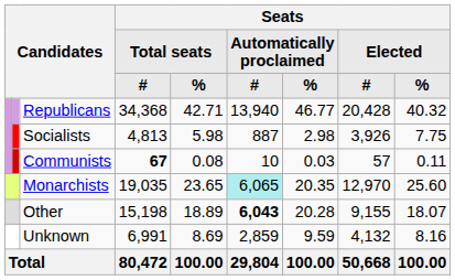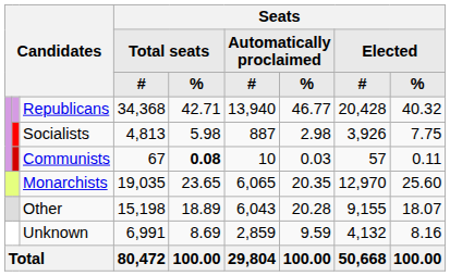 <table class="wikitable">
 <tr>
 <th colspan="3" rowspan="3">Candidates</th>
 <th colspan="6">Seats</th>
 </tr>
 <tr>
 <th colspan="2" style="background-color:#E9E9E9" align="center">Total seats</th>
 <th colspan="2" style="background-color:#E9E9E9" align="center">Automatically<br>proclaimed</th>
 <th colspan="2" style="background-color:#E9E9E9" align="center">Elected</th>
 </tr>
 <tr>
 <th style="background-color:#E9E9E9" align=right>#</th>
 <th style="background-color:#E9E9E9" align=right>%</th>
 <th style="background-color:#E9E9E9" align=right>#</th>
 <th style="background-color:#E9E9E9" align=right>%</th>
 <th style="background-color:#E9E9E9" align=right>#</th>
 <th style="background-color:#E9E9E9" align=right>%</th>
 </tr>
 <tr>
 <td rowspan="3" bgcolor="#d59be3"></td>
 <td style="color:inherit;background:#d59be3"></td>
 <td style="text-align: left;"><a href='#'>Republicans</a></td>
 <td style="text-align: right;">34,368</td>
 <td style="text-align: right;">42.71</td>
 <td style="text-align: right;">13,940</td>
 <td style="text-align: right;">46.77</td>
 <td style="text-align: right;">20,428</td>
 <td style="text-align: right;">40.32</td>
 </tr>
 <tr>
 <td style="color:inherit;background:#ff0000"></td>
 <td style="text-align: left;">Socialists</td>
 <td style="text-align: right;">4,813</td>
 <td style="text-align: right;">5.98</td>
 <td style="text-align: right;">887</td>
 <td style="text-align: right;">2.98</td>
 <td style="text-align: right;">3,926</td>
 <td style="text-align: right;">7.75</td>
 </tr>
 <tr>
 <td style="color:inherit;background:#d40000"></td>
 <td style="text-align: left;"><a href='#'>Communists</a></td>
-<td style="text-align: right;"><strong>67</strong></td>
-<td style="text-align: right;">0.08</td>
+<td style="text-align: right;">67</td>
+<td style="text-align: right;"><strong>0.08</strong></td>
 <td style="text-align: right;">10</td>
 <td style="text-align: right;">0.03</td>
 <td style="text-align: right;">57</td>
 <td style="text-align: right;">0.11</td>
 </tr>
 <tr>
 <td bgcolor="#e5ff7f" colspan=2></td>
 <td style="text-align: left;"><a href='#'>Monarchists</a></td>
 <td style="text-align: right;">19,035</td>
 <td style="text-align: right;">23.65</td>
-<td style="background: paleturquoise; text-align: right;">6,065</td>
+<td style="text-align: right;">6,065</td>
 <td style="text-align: right;">20.35</td>
 <td style="text-align: right;">12,970</td>
 <td style="text-align: right;">25.60</td>
 </tr>
 <tr>
 <td bgcolor="#DDDDDD" colspan=2></td>
 <td style="text-align: left;">Other</td>
 <td style="text-align: right;">15,198</td>
 <td style="text-align: right;">18.89</td>
-<td style="text-align: right;"><strong>6,043</strong></td>
+<td style="text-align: right;">6,043</td>
 <td style="text-align: right;">20.28</td>
 <td style="text-align: right;">9,155</td>
 <td style="text-align: right;">18.07</td>
 </tr>
 <tr>
 <td bgcolor="#ffffff" colspan=2></td>
 <td style="text-align: left;">Unknown</td>
 <td style="text-align: right;">6,991</td>
 <td style="text-align: right;">8.69</td>
 <td style="text-align: right;">2,859</td>
 <td style="text-align: right;">9.59</td>
 <td style="text-align: right;">4,132</td>
 <td style="text-align: right;">8.16</td>
 </tr>
 <tr>
 <th colspan=3 style="text-align: left;" style="background-color:#E9E9E9">Total</th>
 <th style="text-align: right;" style="background-color:#E9E9E9">80,472</th>
 <th style="text-align: right;" style="background-color:#E9E9E9">100.00</th>
 <th style="text-align: right;" style="background-color:#E9E9E9">29,804</th>
 <th style="text-align: right;" style="background-color:#E9E9E9">100.00</th>
 <th style="text-align: right;" style="background-color:#E9E9E9">50,668</th>
 <th style="text-align: right;" style="background-color:#E9E9E9">100.00</th>
 </tr>
 </table>
